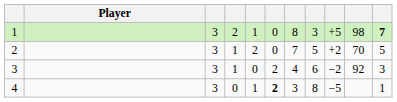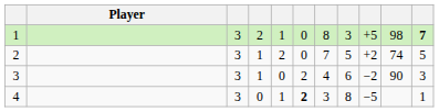 <table class="wikitable" style="text-align:center; margin: 1em auto 1em auto, align:left">
 <tr>
 <th width=20></th>
 <th width=240>Player</th>
 <th width=20></th>
 <th width=20></th>
 <th width=20></th>
 <th width=20></th>
 <th width=20></th>
 <th width=20></th>
 <th width=20></th>
 <th width=30></th>
 <th width=20></th>
 </tr>
 <tr style="background:#D0F0C0;">
 <td>1</td>
 <td align=left></td>
 <td>3</td>
 <td>2</td>
 <td>1</td>
 <td>0</td>
 <td>8</td>
 <td>3</td>
 <td>+5</td>
 <td>98</td>
 <td><strong>7</strong></td>
 </tr>
 <tr style=>
 <td>2</td>
 <td align=left></td>
 <td>3</td>
 <td>1</td>
 <td>2</td>
 <td>0</td>
 <td>7</td>
 <td>5</td>
 <td>+2</td>
-<td>70</td>
+<td>74</td>
 <td>5</td>
 </tr>
 <tr style=>
 <td>3</td>
 <td align=left></td>
 <td>3</td>
 <td>1</td>
 <td>0</td>
 <td>2</td>
 <td>4</td>
 <td>6</td>
 <td>−2</td>
-<td>92</td>
+<td>90</td>
 <td>3</td>
 </tr>
 <tr style=>
 <td>4</td>
 <td align=left></td>
 <td>3</td>
 <td>0</td>
 <td>1</td>
 <td><strong>2</strong></td>
 <td>3</td>
 <td>8</td>
 <td>−5</td>
 <td></td>
 <td>1</td>
 </tr>
 </table>
